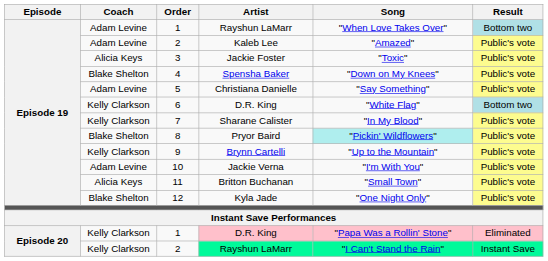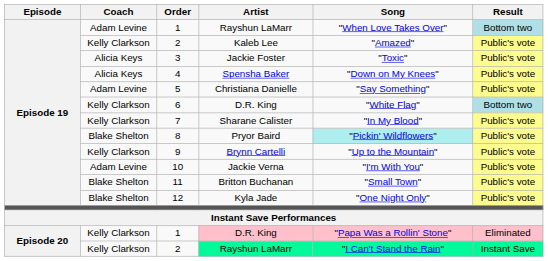 <table class="wikitable" style="text-align:center; width:100%;">
 <tr>
 <th style="width:10%;">Episode</th>
 <th style="width:10%;">Coach</th>
 <th style="width:05%;">Order</th>
 <th style="width:15%;">Artist</th>
 <th style="width:21%;">Song</th>
 <th style="width:9%;">Result</th>
 </tr>
 <tr>
 <th rowspan="12" scope="row">Episode 19<br><small></small></th>
 <td>Adam Levine</td>
 <td>1</td>
 <td>Rayshun LaMarr</td>
 <td>"<a href='#'>When Love Takes Over</a>"</td>
 <td style="background:#B0E0E6;">Bottom two</td>
 </tr>
 <tr>
-<td>Adam Levine</td>
+<td>Kelly Clarkson</td>
 <td>2</td>
 <td>Kaleb Lee</td>
 <td>"<a href='#'>Amazed</a>"</td>
 <td style="background:#fdfc8f;">Public's vote</td>
 </tr>
 <tr>
 <td>Alicia Keys</td>
 <td>3</td>
 <td>Jackie Foster</td>
 <td>"<a href='#'>Toxic</a>"</td>
 <td style="background:#fdfc8f;">Public's vote</td>
 </tr>
 <tr>
-<td>Blake Shelton</td>
+<td>Alicia Keys</td>
 <td>4</td>
 <td><a href='#'>Spensha Baker</a></td>
 <td>"<a href='#'>Down on My Knees</a>"</td>
 <td style="background:#fdfc8f;">Public's vote</td>
 </tr>
 <tr>
 <td>Adam Levine</td>
 <td>5</td>
 <td>Christiana Danielle</td>
 <td>"<a href='#'>Say Something</a>"</td>
 <td style="background:#fdfc8f;">Public's vote</td>
 </tr>
 <tr>
 <td>Kelly Clarkson</td>
 <td>6</td>
 <td>D.R. King</td>
 <td>"<a href='#'>White Flag</a>"</td>
 <td style="background:#B0E0E6;">Bottom two</td>
 </tr>
 <tr>
 <td>Kelly Clarkson</td>
 <td>7</td>
 <td>Sharane Calister</td>
 <td>"<a href='#'>In My Blood</a>"</td>
 <td style="background:#fdfc8f;">Public's vote</td>
 </tr>
 <tr>
 <td>Blake Shelton</td>
 <td>8</td>
 <td>Pryor Baird</td>
 <td style="background: paleturquoise;">"<a href='#'>Pickin' Wildflowers</a>"</td>
 <td style="background:#fdfc8f;">Public's vote</td>
 </tr>
 <tr>
 <td>Kelly Clarkson</td>
 <td>9</td>
 <td><a href='#'>Brynn Cartelli</a></td>
 <td>"<a href='#'>Up to the Mountain</a>"</td>
 <td style="background:#fdfc8f;">Public's vote</td>
 </tr>
 <tr>
 <td>Adam Levine</td>
 <td>10</td>
 <td>Jackie Verna</td>
 <td>"<a href='#'>I'm With You</a>"</td>
 <td style="background:#fdfc8f;">Public's vote</td>
 </tr>
 <tr>
-<td>Alicia Keys</td>
+<td>Blake Shelton</td>
 <td>11</td>
 <td>Britton Buchanan</td>
 <td>"<a href='#'>Small Town</a>"</td>
 <td style="background:#fdfc8f;">Public's vote</td>
 </tr>
 <tr>
 <td>Blake Shelton</td>
 <td>12</td>
 <td>Kyla Jade</td>
 <td>"<a href='#'>One Night Only</a>"</td>
 <td style="background:#fdfc8f;">Public's vote</td>
 </tr>
 <tr>
 <td colspan="6" bgcolor=#555></td>
 </tr>
 <tr>
 <th colspan="6">Instant Save Performances</th>
 </tr>
 <tr>
 <th rowspan="2" scope="row">Episode 20<br><small></small></th>
 <td>Kelly Clarkson</td>
 <td>1</td>
 <td style="background:pink;">D.R. King</td>
 <td style="background:pink;">"<a href='#'>Papa Was a Rollin' Stone</a>"</td>
 <td style="background:pink;">Eliminated</td>
 </tr>
 <tr>
 <td>Kelly Clarkson</td>
 <td>2</td>
 <td style="background:#00FA9A;">Rayshun LaMarr</td>
 <td style="background:#00FA9A;">"<a href='#'>I Can't Stand the Rain</a>"</td>
 <td style="background:#00FA9A;">Instant Save</td>
 </tr>
 </table>
